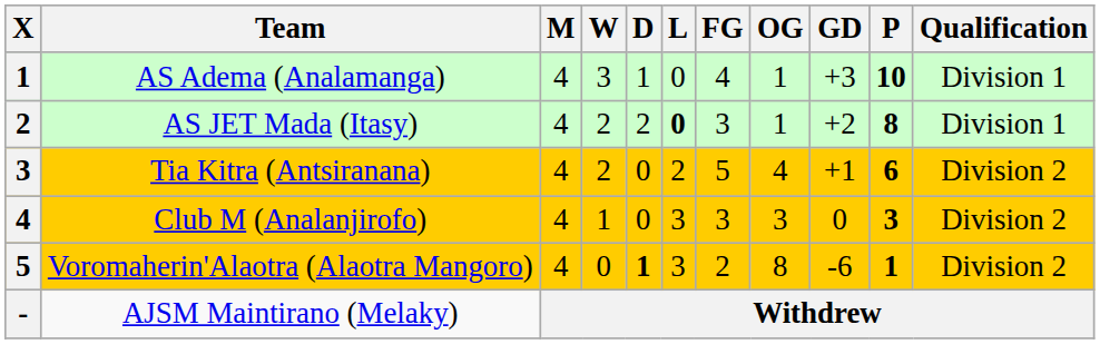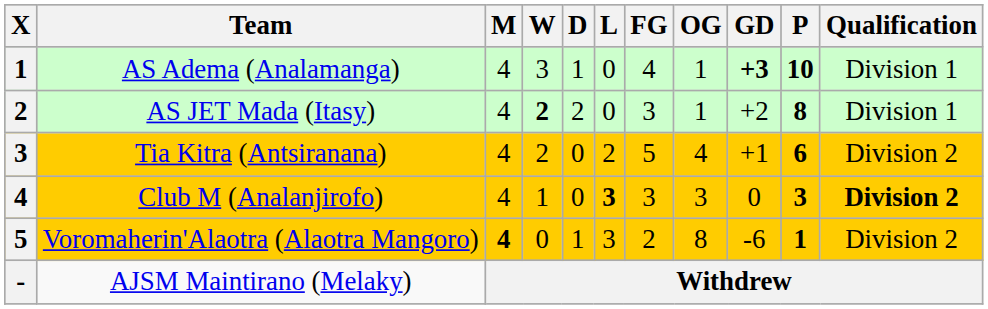 <table class="wikitable sortable">
 <tr>
 <th>X</th>
 <th>Team</th>
 <th>M</th>
 <th>W</th>
 <th>D</th>
 <th>L</th>
 <th>FG</th>
 <th>OG</th>
 <th>GD</th>
 <th>P</th>
 <th>Qualification</th>
 </tr>
 <tr style="text-align: center;" bgcolor="#ccffcc">
 <th>1</th>
 <td><a href='#'>AS Adema</a> (<a href='#'>Analamanga</a>)</td>
 <td>4</td>
 <td>3</td>
 <td>1</td>
 <td>0</td>
 <td>4</td>
 <td>1</td>
-<td>+3</td>
+<td><strong>+3</strong></td>
 <td><strong>10</strong></td>
 <td>Division 1</td>
 </tr>
 <tr style="text-align: center;" bgcolor="#ccffcc">
 <th>2</th>
 <td><a href='#'>AS JET Mada</a> (<a href='#'>Itasy</a>)</td>
 <td>4</td>
+<td><strong>2</strong></td>
 <td>2</td>
-<td>2</td>
-<td><strong>0</strong></td>
+<td>0</td>
 <td>3</td>
 <td>1</td>
 <td>+2</td>
 <td><strong>8</strong></td>
 <td>Division 1</td>
 </tr>
 <tr style="text-align: center;" bgcolor="#ffcc00">
 <th>3</th>
 <td><a href='#'>Tia Kitra</a> (<a href='#'>Antsiranana</a>)</td>
 <td>4</td>
 <td>2</td>
 <td>0</td>
 <td>2</td>
 <td>5</td>
 <td>4</td>
 <td>+1</td>
 <td><strong>6</strong></td>
 <td>Division 2</td>
 </tr>
 <tr style="text-align: center;" bgcolor="#ffcc00">
 <th>4</th>
 <td><a href='#'>Club M</a> (<a href='#'>Analanjirofo</a>)</td>
 <td>4</td>
 <td>1</td>
 <td>0</td>
-<td>3</td>
+<td><strong>3</strong></td>
 <td>3</td>
 <td>3</td>
 <td>0</td>
 <td><strong>3</strong></td>
-<td>Division 2</td>
+<td><strong>Division 2</strong></td>
 </tr>
 <tr style="text-align: center;" bgcolor="#ffcc00">
 <th>5</th>
 <td><a href='#'>Voromaherin'Alaotra</a> (<a href='#'>Alaotra Mangoro</a>)</td>
-<td>4</td>
+<td><strong>4</strong></td>
 <td>0</td>
-<td><strong>1</strong></td>
+<td>1</td>
 <td>3</td>
 <td>2</td>
 <td>8</td>
 <td>-6</td>
 <td><strong>1</strong></td>
 <td>Division 2</td>
 </tr>
 <tr style="text-align: center;">
 <th>-</th>
 <td><a href='#'>AJSM Maintirano</a> (<a href='#'>Melaky</a>)</td>
 <th colspan="9">Withdrew</th>
 </tr>
 </table>
